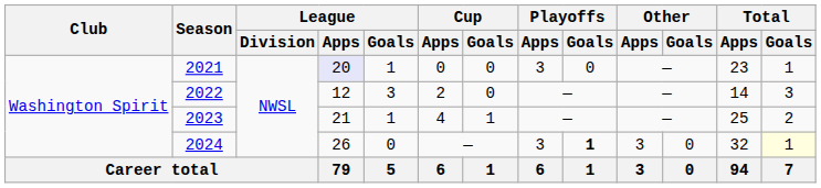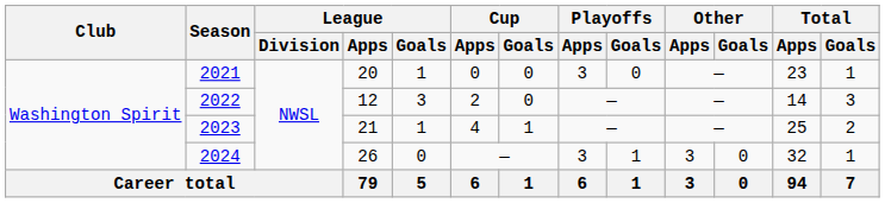 <table class="wikitable" style="text-align:center;">
 <tr>
 <th rowspan="2">Club</th>
 <th rowspan="2">Season</th>
 <th colspan="3">League</th>
 <th colspan="2">Cup</th>
 <th colspan="2">Playoffs</th>
 <th colspan="2">Other</th>
 <th colspan="2">Total</th>
 </tr>
 <tr>
 <th>Division</th>
 <th>Apps</th>
 <th>Goals</th>
 <th>Apps</th>
 <th>Goals</th>
 <th>Apps</th>
 <th>Goals</th>
 <th>Apps</th>
 <th>Goals</th>
 <th>Apps</th>
 <th>Goals</th>
 </tr>
 <tr>
 <td rowspan="4"><a href='#'>Washington Spirit</a></td>
 <td><a href='#'>2021</a></td>
 <td rowspan="4"><a href='#'>NWSL</a></td>
-<td style="background: lavender;">20</td>
+<td>20</td>
 <td>1</td>
 <td>0</td>
 <td>0</td>
 <td>3</td>
 <td>0</td>
 <td colspan="2">—</td>
 <td>23</td>
 <td>1</td>
 </tr>
 <tr>
 <td><a href='#'>2022</a></td>
 <td>12</td>
 <td>3</td>
 <td>2</td>
 <td>0</td>
 <td colspan="2">—</td>
 <td colspan="2">—</td>
 <td>14</td>
 <td>3</td>
 </tr>
 <tr>
 <td><a href='#'>2023</a></td>
 <td>21</td>
 <td>1</td>
 <td>4</td>
 <td>1</td>
 <td colspan="2">—</td>
 <td colspan="2">—</td>
 <td>25</td>
 <td>2</td>
 </tr>
 <tr>
 <td><a href='#'>2024</a></td>
 <td>26</td>
 <td>0</td>
 <td colspan="2">—</td>
 <td>3</td>
-<td><strong>1</strong></td>
+<td>1</td>
 <td>3</td>
 <td>0</td>
 <td>32</td>
-<td style="background: lightyellow;">1</td>
+<td>1</td>
 </tr>
 <tr>
 <th colspan="3">Career total</th>
 <th>79</th>
 <th>5</th>
 <th>6</th>
 <th>1</th>
 <th>6</th>
 <th>1</th>
 <th>3</th>
 <th>0</th>
 <th>94</th>
 <th>7</th>
 </tr>
 </table>
